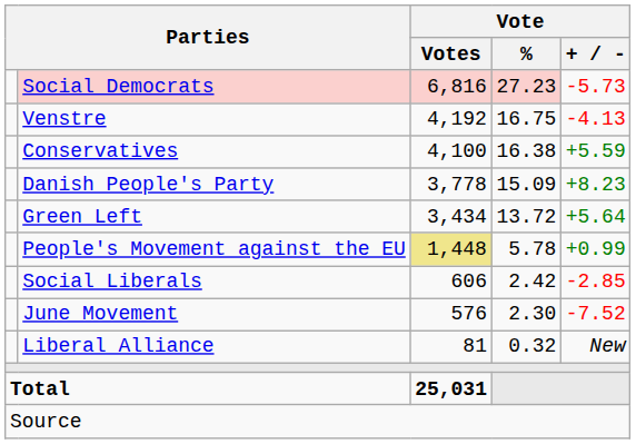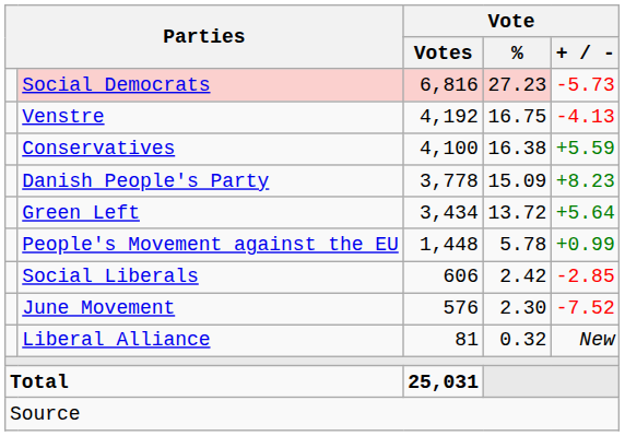 <table class="wikitable" style="text-align:right;">
 <tr>
 <th style="text-align:centre;" rowspan="2" colspan="2" width="225">Parties</th>
 <th colspan="3">Vote</th>
 </tr>
 <tr>
 <th width="15">Votes</th>
 <th width="15">%</th>
 <th width="15">+ / -</th>
 </tr>
 <tr>
 <td width="2" style="color:inherit;background:"></td>
 <td bgcolor=#fbd0ce   align="left"><a href='#'>Social Democrats</a></td>
 <td bgcolor=#fbd0ce>6,816</td>
 <td bgcolor=#fbd0ce>27.23</td>
 <td style=color:red;>-5.73</td>
 </tr>
 <tr>
 <td width="2" style="color:inherit;background:"></td>
 <td align="left"><a href='#'>Venstre</a></td>
 <td>4,192</td>
 <td>16.75</td>
 <td style=color:red;>-4.13</td>
 </tr>
 <tr>
 <td width="2" style="color:inherit;background:"></td>
 <td align="left"><a href='#'>Conservatives</a></td>
 <td>4,100</td>
 <td>16.38</td>
 <td style=color:green;>+5.59</td>
 </tr>
 <tr>
 <td width="2" style="color:inherit;background:"></td>
 <td align="left"><a href='#'>Danish People's Party</a></td>
 <td>3,778</td>
 <td>15.09</td>
 <td style=color:green;>+8.23</td>
 </tr>
 <tr>
 <td width="2" style="color:inherit;background:"></td>
 <td align="left"><a href='#'>Green Left</a></td>
 <td>3,434</td>
 <td>13.72</td>
 <td style=color:green;>+5.64</td>
 </tr>
 <tr>
 <td width="2" style="color:inherit;background:"></td>
 <td align="left"><a href='#'>People's Movement against the EU</a></td>
-<td style="background: khaki;">1,448</td>
+<td>1,448</td>
 <td>5.78</td>
 <td style=color:green;>+0.99</td>
 </tr>
 <tr>
 <td width="2" style="color:inherit;background:"></td>
 <td align="left"><a href='#'>Social Liberals</a></td>
 <td>606</td>
 <td>2.42</td>
 <td style=color:red;>-2.85</td>
 </tr>
 <tr>
 <td width="2" style="color:inherit;background:"></td>
 <td align="left"><a href='#'>June Movement</a></td>
 <td>576</td>
 <td>2.30</td>
 <td style=color:red;>-7.52</td>
 </tr>
 <tr>
 <td width="2" style="color:inherit;background:"></td>
 <td align="left"><a href='#'>Liberal Alliance</a></td>
 <td>81</td>
 <td>0.32</td>
 <td><em>New</em></td>
 </tr>
 <tr>
 <td colspan="7" bgcolor="#E9E9E9"></td>
 </tr>
 <tr>
 <td align="left" colspan="2"><strong>Total</strong></td>
 <td><strong>25,031</strong></td>
 <td bgcolor="#E9E9E9" colspan="2"></td>
 </tr>
 <tr>
 <td align="left" colspan="6">Source</td>
 </tr>
 </table>
